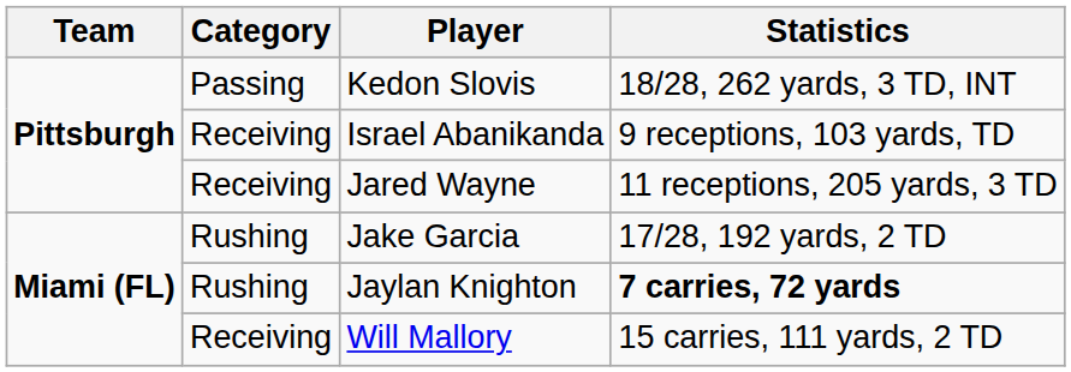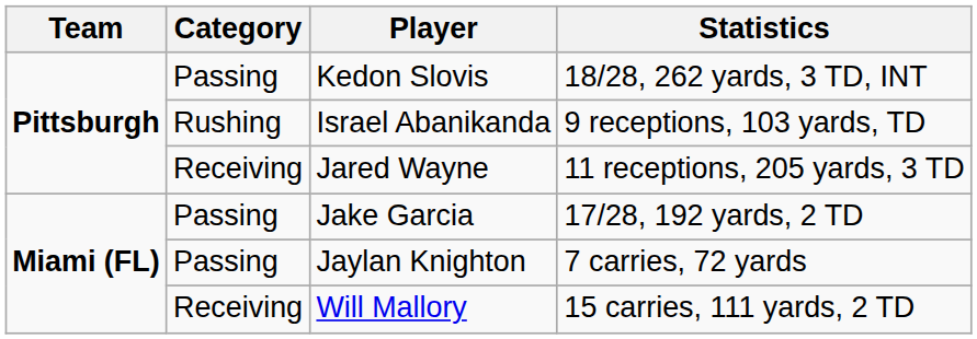 <table class="wikitable" style="float: right;">
 <tr>
 <th>Team</th>
 <th>Category</th>
 <th>Player</th>
 <th>Statistics</th>
 </tr>
 <tr>
 <td rowspan=3><strong>Pittsburgh</strong></td>
 <td>Passing</td>
 <td>Kedon Slovis</td>
 <td>18/28, 262 yards, 3 TD, INT</td>
 </tr>
 <tr>
-<td>Receiving</td>
+<td>Rushing</td>
 <td>Israel Abanikanda</td>
 <td>9 receptions, 103 yards, TD</td>
 </tr>
 <tr>
 <td>Receiving</td>
 <td>Jared Wayne</td>
 <td>11 receptions, 205 yards, 3 TD</td>
 </tr>
 <tr>
 <td rowspan=3><strong>Miami (FL)</strong></td>
-<td>Rushing</td>
+<td>Passing</td>
 <td>Jake Garcia</td>
 <td>17/28, 192 yards, 2 TD</td>
 </tr>
 <tr>
-<td>Rushing</td>
+<td>Passing</td>
 <td>Jaylan Knighton</td>
-<td><strong>7 carries, 72 yards</strong></td>
+<td>7 carries, 72 yards</td>
 </tr>
 <tr>
 <td>Receiving</td>
 <td><a href='#'>Will Mallory</a></td>
 <td>15 carries, 111 yards, 2 TD</td>
 </tr>
 </table>
